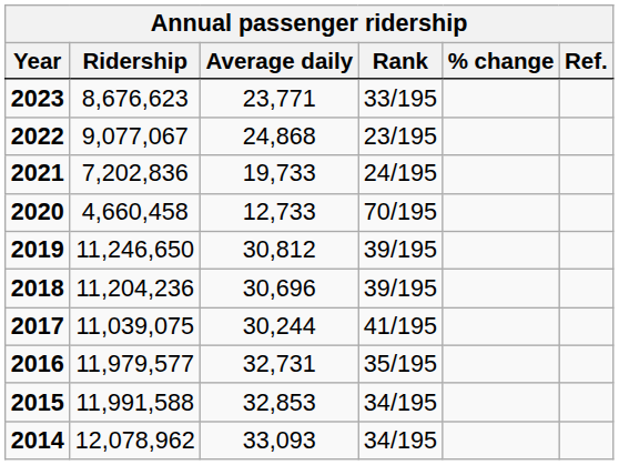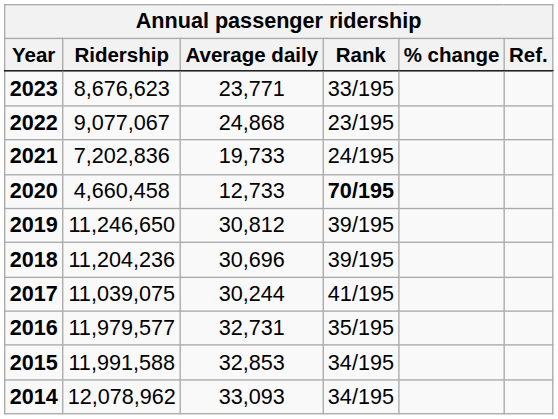 <table class="wikitable sortable" style="text-align:right;">
 <tr>
 <th colspan="6" style="background-color:#">Annual passenger ridership</th>
 </tr>
 <tr style="font-size:95%; text-align:center">
 <th style="border-bottom:1px solid black">Year</th>
 <th style="border-bottom:1px solid black">Ridership</th>
 <th style="border-bottom:1px solid black">Average daily</th>
 <th style="border-bottom:1px solid black">Rank</th>
 <th style="border-bottom:1px solid black">% change</th>
 <th style="border-bottom:1px solid black">Ref.</th>
 </tr>
 <tr style="text-align:center;">
 <td><strong>2023</strong></td>
 <td>8,676,623</td>
 <td>23,771</td>
 <td>33/195</td>
 <td></td>
 <td></td>
 </tr>
 <tr style="text-align:center;">
 <td><strong>2022</strong></td>
 <td>9,077,067</td>
 <td>24,868</td>
 <td>23/195</td>
 <td></td>
 <td></td>
 </tr>
 <tr style="text-align:center;">
 <td><strong>2021</strong></td>
 <td>7,202,836</td>
 <td>19,733</td>
 <td>24/195</td>
 <td></td>
 <td></td>
 </tr>
 <tr style="text-align:center;">
 <td><strong>2020</strong></td>
 <td>4,660,458</td>
 <td>12,733</td>
-<td>70/195</td>
+<td><strong>70/195</strong></td>
 <td></td>
 <td></td>
 </tr>
 <tr style="text-align:center;">
 <td><strong>2019</strong></td>
 <td>11,246,650</td>
 <td>30,812</td>
 <td>39/195</td>
 <td></td>
 <td></td>
 </tr>
 <tr style="text-align:center;">
 <td><strong>2018</strong></td>
 <td>11,204,236</td>
 <td>30,696</td>
 <td>39/195</td>
 <td></td>
 <td></td>
 </tr>
 <tr style="text-align:center;">
 <td><strong>2017</strong></td>
 <td>11,039,075</td>
 <td>30,244</td>
 <td>41/195</td>
 <td></td>
 <td></td>
 </tr>
 <tr style="text-align:center;">
 <td><strong>2016</strong></td>
 <td>11,979,577</td>
 <td>32,731</td>
 <td>35/195</td>
 <td></td>
 <td></td>
 </tr>
 <tr style="text-align:center;">
 <td><strong>2015</strong></td>
 <td>11,991,588</td>
 <td>32,853</td>
 <td>34/195</td>
 <td></td>
 <td></td>
 </tr>
 <tr style="text-align:center;">
 <td><strong>2014</strong></td>
 <td>12,078,962</td>
 <td>33,093</td>
 <td>34/195</td>
 <td></td>
 <td></td>
 </tr>
 </table>
